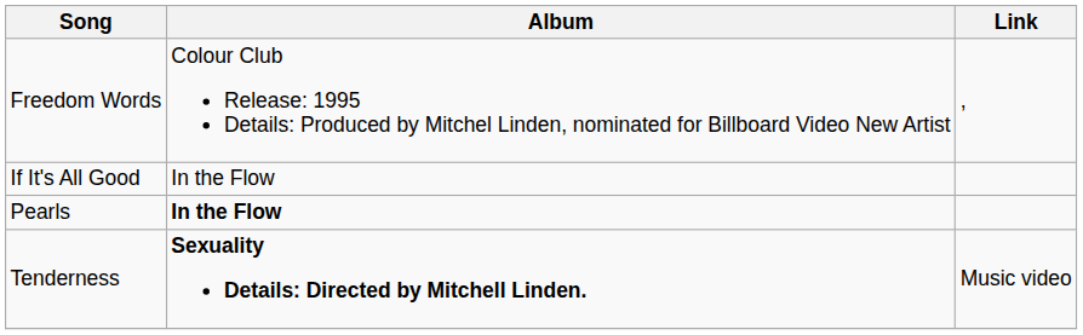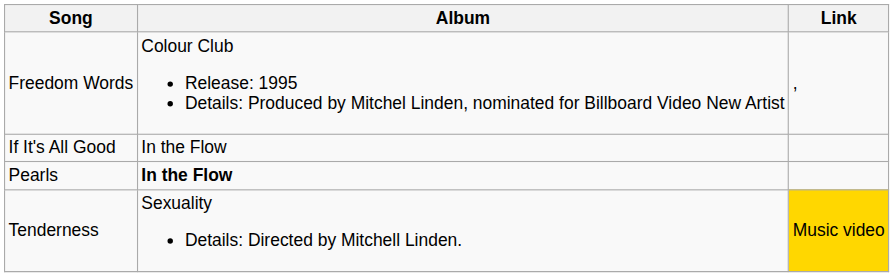 <table class="wikitable">
 <tr>
 <th>Song</th>
 <th>Album</th>
 <th>Link</th>
 </tr>
 <tr>
 <td>Freedom Words</td>
 <td>Colour Club<br><ul><li>Release: 1995</li><li>Details: Produced by Mitchel Linden, nominated for Billboard Video New Artist</li></ul></td>
 <td>, </td>
 </tr>
 <tr>
 <td>If It's All Good</td>
 <td>In the Flow</td>
 <td></td>
 </tr>
 <tr>
 <td>Pearls</td>
 <td><strong>In the Flow</strong></td>
 <td></td>
 </tr>
 <tr>
 <td>Tenderness</td>
-<td><strong>Sexuality<br><ul><li>Details: Directed by Mitchell Linden.</li></ul></strong></td>
-<td>Music video</td>
+<td>Sexuality<br><ul><li>Details: Directed by Mitchell Linden.</li></ul></td>
+<td style="background: gold;">Music video</td>
 </tr>
 <tr>
 </tr>
 </table>
